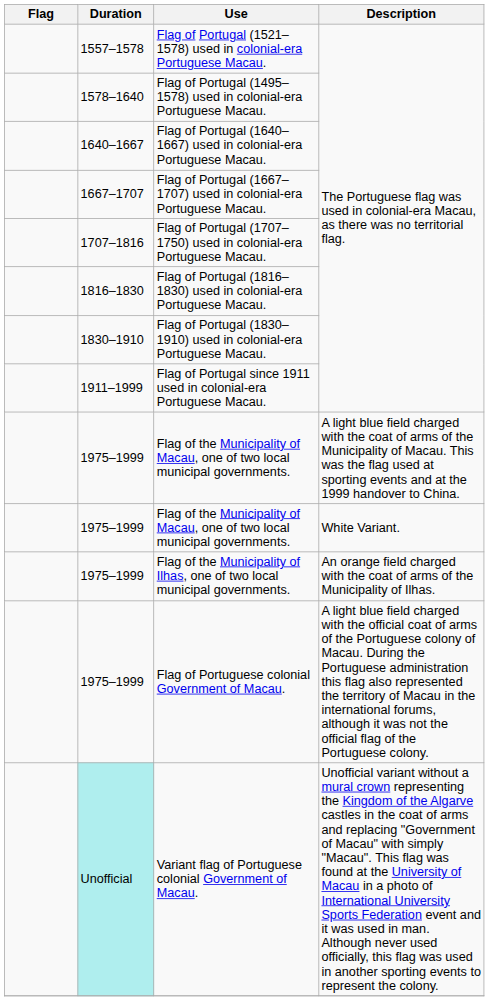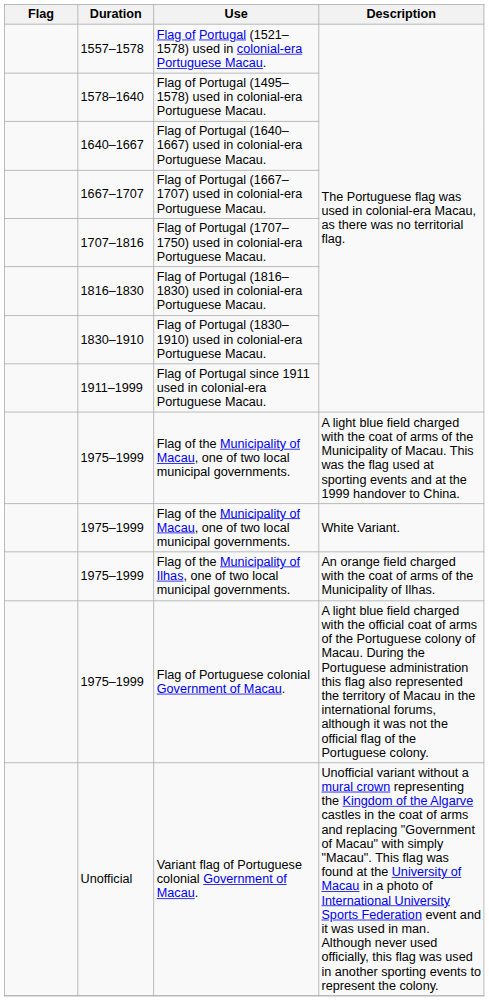 <table class="wikitable">
 <tr>
 <th style="width:110px;">Flag</th>
 <th style="width:100px;">Duration</th>
 <th style="width:250px;">Use</th>
 <th style="width:250px;">Description</th>
 </tr>
 <tr>
 <td></td>
 <td>1557–1578</td>
 <td><a href='#'>Flag of</a> <a href='#'>Portugal</a> (1521–1578) used in <a href='#'>colonial-era</a> <a href='#'>Portuguese Macau</a>.</td>
 <td rowspan="8">The Portuguese flag was used in colonial-era Macau, as there was no territorial flag.</td>
 </tr>
 <tr>
 <td></td>
 <td>1578–1640</td>
 <td>Flag of Portugal (1495–1578) used in colonial-era Portuguese Macau.</td>
 </tr>
 <tr>
 <td></td>
 <td>1640–1667</td>
 <td>Flag of Portugal (1640–1667) used in colonial-era Portuguese Macau.</td>
 </tr>
 <tr>
 <td></td>
 <td>1667–1707</td>
 <td>Flag of Portugal (1667–1707) used in colonial-era Portuguese Macau.</td>
 </tr>
 <tr>
 <td></td>
 <td>1707–1816</td>
 <td>Flag of Portugal (1707–1750) used in colonial-era Portuguese Macau.</td>
 </tr>
 <tr>
 <td></td>
 <td>1816–1830</td>
 <td>Flag of Portugal (1816–1830) used in colonial-era Portuguese Macau.</td>
 </tr>
 <tr>
 <td></td>
 <td>1830–1910</td>
 <td>Flag of Portugal (1830–1910) used in colonial-era Portuguese Macau.</td>
 </tr>
 <tr>
 <td></td>
 <td>1911–1999</td>
 <td>Flag of Portugal since 1911 used in colonial-era Portuguese Macau.</td>
 </tr>
 <tr>
 <td></td>
 <td>1975–1999</td>
 <td>Flag of the <a href='#'>Municipality of Macau</a>, one of two local municipal governments.</td>
 <td>A light blue field charged with the coat of arms of the Municipality of Macau. This was the flag used at sporting events and at the 1999 handover to China.</td>
 </tr>
 <tr>
 <td></td>
 <td>1975–1999</td>
 <td>Flag of the <a href='#'>Municipality of Macau</a>, one of two local municipal governments.</td>
 <td>White Variant.</td>
 </tr>
 <tr>
 <td></td>
 <td>1975–1999</td>
 <td>Flag of the <a href='#'>Municipality of Ilhas</a>, one of two local municipal governments.</td>
 <td>An orange field charged with the coat of arms of the Municipality of Ilhas.</td>
 </tr>
 <tr>
 <td></td>
 <td>1975–1999</td>
 <td>Flag of Portuguese colonial <a href='#'>Government of Macau</a>.</td>
 <td>A light blue field charged with the official coat of arms of the Portuguese colony of Macau. During the Portuguese administration this flag also represented the territory of Macau in the international forums, although it was not the official flag of the Portuguese colony.</td>
 </tr>
 <tr>
 <td></td>
-<td style="background: paleturquoise;">Unofficial</td>
+<td>Unofficial</td>
 <td>Variant flag of Portuguese colonial <a href='#'>Government of Macau</a>.</td>
 <td>Unofficial variant without a <a href='#'>mural crown</a> representing the <a href='#'>Kingdom of the Algarve</a> castles in the coat of arms and replacing "Government of Macau" with simply "Macau". This flag was found at the <a href='#'>University of Macau</a> in a photo of <a href='#'>International University Sports Federation</a> event and it was used in man. Although never used officially, this flag was used in another sporting events to represent the colony.</td>
 </tr>
 <tr>
 </tr>
 </table>
